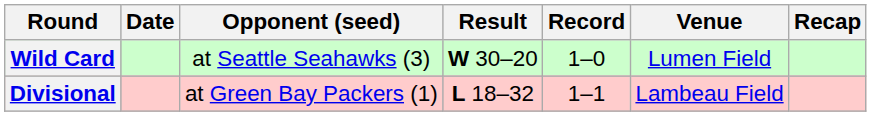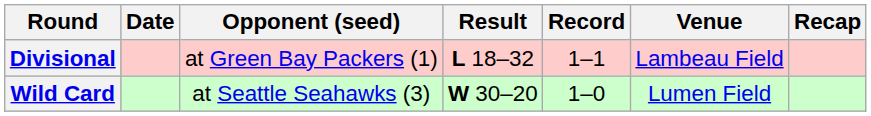 <table class="wikitable" style="text-align:center">
 <tr>
 <th>Round</th>
 <th>Date</th>
 <th>Opponent (seed)</th>
 <th>Result</th>
 <th>Record</th>
 <th>Venue</th>
 <th>Recap</th>
 </tr>
+<tr style="background:#fcc">
+<th><a href='#'>Divisional</a></th>
+<td></td>
+<td>at <a href='#'>Green Bay Packers</a> (1)</td>
+<td><strong>L</strong> 18–32</td>
+<td>1–1</td>
+<td><a href='#'>Lambeau Field</a></td>
+<td></td>
+</tr>
 <tr style="background:#cfc">
 <th><a href='#'>Wild Card</a></th>
 <td></td>
 <td>at <a href='#'>Seattle Seahawks</a> (3)</td>
 <td><strong>W</strong> 30–20</td>
 <td>1–0</td>
 <td><a href='#'>Lumen Field</a></td>
 <td></td>
 </tr>
-<tr style="background:#fcc">
-<th><a href='#'>Divisional</a></th>
-<td></td>
-<td>at <a href='#'>Green Bay Packers</a> (1)</td>
-<td><strong>L</strong> 18–32</td>
-<td>1–1</td>
-<td><a href='#'>Lambeau Field</a></td>
-<td></td>
-</tr>
 </table>
